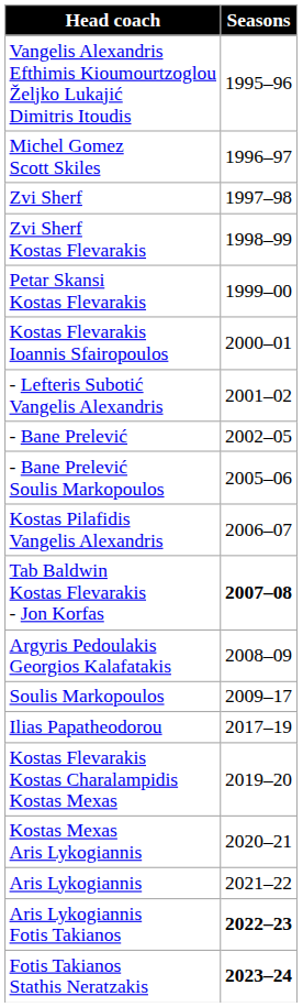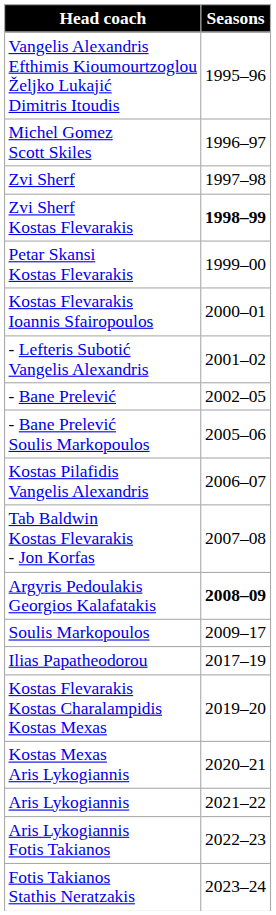 <table class="wikitable" style="text-align: left; background:white; color:black">
 <tr>
 <th style="color:white; background:black;">Head coach</th>
 <th style="color:white; background:black;">Seasons</th>
 </tr>
 <tr>
 <td align=left> <a href='#'>Vangelis Alexandris</a><br> <a href='#'>Efthimis Kioumourtzoglou</a><br> <a href='#'>Željko Lukajić</a><br> <a href='#'>Dimitris Itoudis</a></td>
 <td align=center>1995–96</td>
 </tr>
 <tr>
 <td align=left> <a href='#'>Michel Gomez</a><br> <a href='#'>Scott Skiles</a></td>
 <td align=center>1996–97</td>
 </tr>
 <tr>
 <td align=left> <a href='#'>Zvi Sherf</a></td>
 <td align=center>1997–98</td>
 </tr>
 <tr>
 <td align=left> <a href='#'>Zvi Sherf</a><br> <a href='#'>Kostas Flevarakis</a></td>
-<td align=center>1998–99</td>
+<td align=center><strong>1998–99</strong></td>
 </tr>
 <tr>
 <td align=left> <a href='#'>Petar Skansi</a><br> <a href='#'>Kostas Flevarakis</a></td>
 <td align=center>1999–00</td>
 </tr>
 <tr>
 <td align=left> <a href='#'>Kostas Flevarakis</a><br> <a href='#'>Ioannis Sfairopoulos</a></td>
 <td align=center>2000–01</td>
 </tr>
 <tr>
 <td align=left>- <a href='#'>Lefteris Subotić</a><br> <a href='#'>Vangelis Alexandris</a></td>
 <td align=center>2001–02</td>
 </tr>
 <tr>
 <td align=left>- <a href='#'>Bane Prelević</a></td>
 <td align=center>2002–05</td>
 </tr>
 <tr>
 <td align=left>- <a href='#'>Bane Prelević</a><br> <a href='#'>Soulis Markopoulos</a></td>
 <td align=center>2005–06</td>
 </tr>
 <tr>
 <td align=left> <a href='#'>Kostas Pilafidis</a><br> <a href='#'>Vangelis Alexandris</a></td>
 <td align=center>2006–07</td>
 </tr>
 <tr>
 <td align=left> <a href='#'>Tab Baldwin</a><br> <a href='#'>Kostas Flevarakis</a><br>- <a href='#'>Jon Korfas</a></td>
-<td align=center><strong>2007–08</strong></td>
+<td align=center>2007–08</td>
 </tr>
 <tr>
 <td align=left> <a href='#'>Argyris Pedoulakis</a><br> <a href='#'>Georgios Kalafatakis</a></td>
-<td align=center>2008–09</td>
+<td align=center><strong>2008–09</strong></td>
 </tr>
 <tr>
 <td align=left> <a href='#'>Soulis Markopoulos</a></td>
 <td align=center>2009–17</td>
 </tr>
 <tr>
 <td align=left> <a href='#'>Ilias Papatheodorou</a></td>
 <td align=center>2017–19</td>
 </tr>
 <tr>
 <td align=left> <a href='#'>Kostas Flevarakis</a> <br>  <a href='#'>Kostas Charalampidis</a><br> <a href='#'>Kostas Mexas</a></td>
 <td align=center>2019–20</td>
 </tr>
 <tr>
 <td align=left> <a href='#'>Kostas Mexas</a><br> <a href='#'>Aris Lykogiannis</a></td>
 <td align=center>2020–21</td>
 </tr>
 <tr>
 <td align=left> <a href='#'>Aris Lykogiannis</a></td>
 <td align=center>2021–22</td>
 </tr>
 <tr>
 <td align=left> <a href='#'>Aris Lykogiannis</a><br>  <a href='#'>Fotis Takianos</a></td>
-<td align=center><strong>2022–23</strong></td>
+<td align=center>2022–23</td>
 </tr>
 <tr>
 <td align=left> <a href='#'>Fotis Takianos</a><br> <a href='#'>Stathis Neratzakis</a></td>
-<td align=center><strong>2023–24</strong></td>
+<td align=center>2023–24</td>
 </tr>
 </table>
